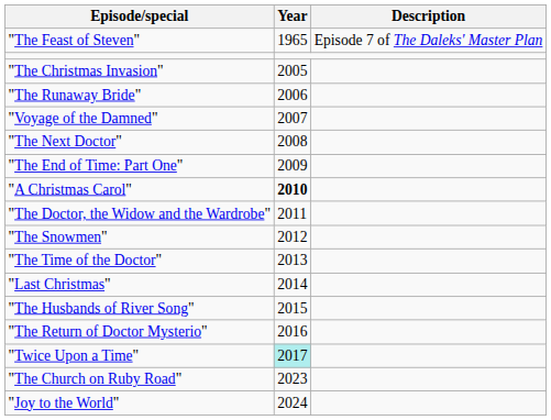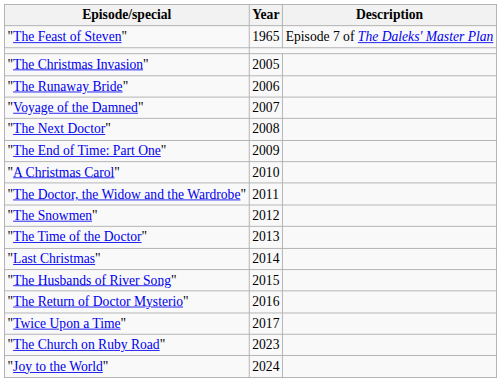 <table class="wikitable sortable">
 <tr>
 <th>Episode/special</th>
 <th>Year</th>
 <th>Description</th>
 </tr>
 <tr>
 <td>"<a href='#'>The Feast of Steven</a>"</td>
 <td>1965</td>
 <td>Episode 7 of <em><a href='#'>The Daleks' Master Plan</a></em></td>
 </tr>
 <tr>
 <td></td>
 </tr>
 <tr>
 <td>"<a href='#'>The Christmas Invasion</a>"</td>
 <td>2005</td>
 <td></td>
 </tr>
 <tr>
 <td>"<a href='#'>The Runaway Bride</a>"</td>
 <td>2006</td>
 <td></td>
 </tr>
 <tr>
 <td>"<a href='#'>Voyage of the Damned</a>"</td>
 <td>2007</td>
 <td></td>
 </tr>
 <tr>
 <td>"<a href='#'>The Next Doctor</a>"</td>
 <td>2008</td>
 <td></td>
 </tr>
 <tr>
 <td>"<a href='#'>The End of Time: Part One</a>"</td>
 <td>2009</td>
 <td></td>
 </tr>
 <tr>
 <td>"<a href='#'>A Christmas Carol</a>"</td>
-<td><strong>2010</strong></td>
+<td>2010</td>
 <td></td>
 </tr>
 <tr>
 <td>"<a href='#'>The Doctor, the Widow and the Wardrobe</a>"</td>
 <td>2011</td>
 <td></td>
 </tr>
 <tr>
 <td>"<a href='#'>The Snowmen</a>"</td>
 <td>2012</td>
 <td></td>
 </tr>
 <tr>
 <td>"<a href='#'>The Time of the Doctor</a>"</td>
 <td>2013</td>
 <td></td>
 </tr>
 <tr>
 <td>"<a href='#'>Last Christmas</a>"</td>
 <td>2014</td>
 <td></td>
 </tr>
 <tr>
 <td>"<a href='#'>The Husbands of River Song</a>"</td>
 <td>2015</td>
 <td></td>
 </tr>
 <tr>
 <td>"<a href='#'>The Return of Doctor Mysterio</a>"</td>
 <td>2016</td>
 <td></td>
 </tr>
 <tr>
 <td>"<a href='#'>Twice Upon a Time</a>"</td>
-<td style="background: paleturquoise;">2017</td>
+<td>2017</td>
 <td></td>
 </tr>
 <tr>
 <td>"<a href='#'>The Church on Ruby Road</a>"</td>
 <td>2023</td>
 <td></td>
 </tr>
 <tr>
 <td>"<a href='#'>Joy to the World</a>"</td>
 <td>2024</td>
 <td></td>
 </tr>
 </table>
